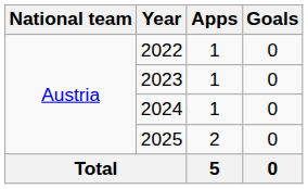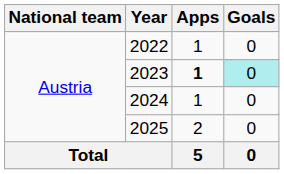 <table class="wikitable" style="text-align:center">
 <tr>
 <th>National team</th>
 <th>Year</th>
 <th>Apps</th>
 <th>Goals</th>
 </tr>
 <tr>
 <td rowspan="4"><a href='#'>Austria</a></td>
 <td>2022</td>
 <td>1</td>
 <td>0</td>
 </tr>
 <tr>
 <td>2023</td>
-<td>1</td>
-<td>0</td>
+<td><strong>1</strong></td>
+<td style="background: paleturquoise;">0</td>
 </tr>
 <tr>
 <td>2024</td>
 <td>1</td>
 <td>0</td>
 </tr>
 <tr>
 <td>2025</td>
 <td>2</td>
 <td>0</td>
 </tr>
 <tr>
 <th colspan="2">Total</th>
 <th>5</th>
 <th>0</th>
 </tr>
 </table>
